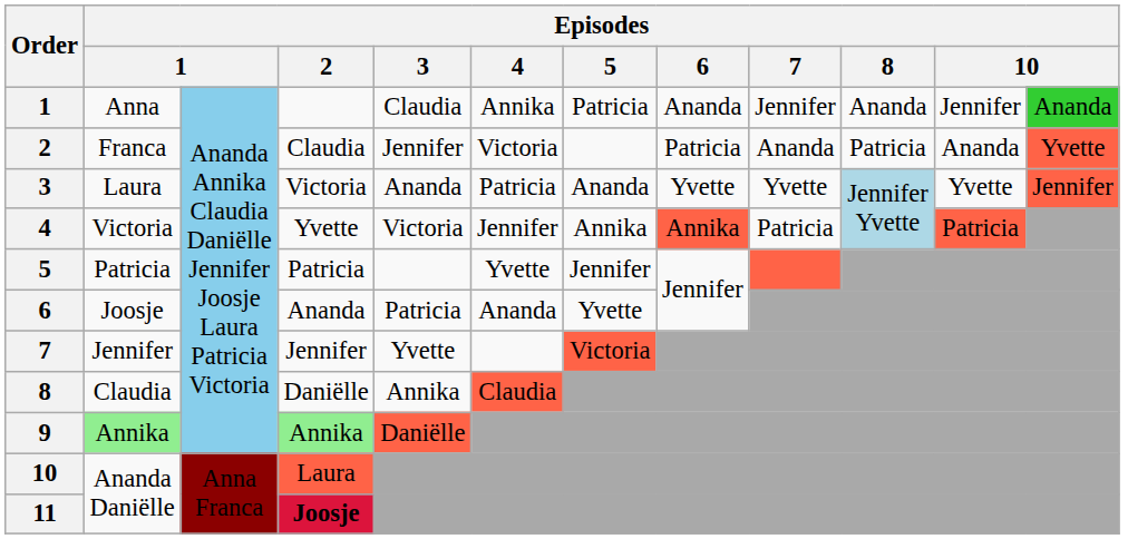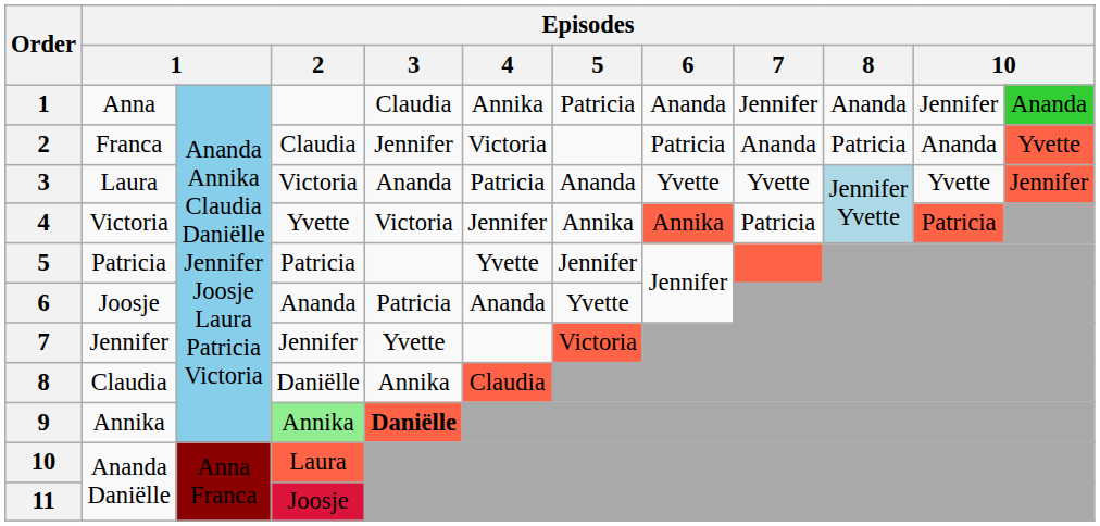 <table class="wikitable" style="text-align:center; font-size:92%">
 <tr>
 <th rowspan=2>Order</th>
 <th colspan="11">Episodes</th>
 </tr>
 <tr>
 <th colspan="2">1</th>
 <th>2</th>
 <th>3</th>
 <th>4</th>
 <th>5</th>
 <th>6</th>
 <th>7</th>
 <th>8</th>
 <th colspan=2>10</th>
 </tr>
 <tr>
 <th>1</th>
 <td>Anna</td>
 <td rowspan="9" style="background:skyblue;">Ananda <br> Annika <br> Claudia <br> Daniëlle <br>Jennifer <br> Joosje <br>Laura<br>Patricia <br>Victoria</td>
 <td></td>
 <td>Claudia</td>
 <td>Annika</td>
 <td>Patricia</td>
 <td>Ananda</td>
 <td>Jennifer</td>
 <td>Ananda</td>
 <td>Jennifer</td>
 <td style="background:limegreen;">Ananda</td>
 </tr>
 <tr>
 <th>2</th>
 <td>Franca</td>
 <td>Claudia</td>
 <td>Jennifer</td>
 <td>Victoria</td>
 <td></td>
 <td>Patricia</td>
 <td>Ananda</td>
 <td>Patricia</td>
 <td>Ananda</td>
 <td style="background:tomato">Yvette</td>
 </tr>
 <tr>
 <th>3</th>
 <td>Laura</td>
 <td>Victoria</td>
 <td>Ananda</td>
 <td>Patricia</td>
 <td>Ananda</td>
 <td>Yvette</td>
 <td>Yvette</td>
 <td rowspan="2" style="background:lightblue">Jennifer<br>Yvette</td>
 <td>Yvette</td>
 <td style="background:tomato">Jennifer</td>
 </tr>
 <tr>
 <th>4</th>
 <td>Victoria</td>
 <td>Yvette</td>
 <td>Victoria</td>
 <td>Jennifer</td>
 <td>Annika</td>
 <td style="background:tomato">Annika</td>
 <td>Patricia</td>
 <td style="background:tomato">Patricia</td>
 <td bgcolor="darkgray" colspan=1></td>
 </tr>
 <tr>
 <th>5</th>
 <td>Patricia</td>
 <td>Patricia</td>
 <td></td>
 <td>Yvette</td>
 <td>Jennifer</td>
 <td rowspan="2">Jennifer<br></td>
 <td style="background:tomato;"></td>
 <td bgcolor="darkgray" colspan=3></td>
 </tr>
 <tr>
 <th>6</th>
 <td>Joosje</td>
 <td>Ananda</td>
 <td>Patricia</td>
 <td>Ananda</td>
 <td>Yvette</td>
 <td bgcolor="darkgray" colspan=4></td>
 </tr>
 <tr>
 <th>7</th>
 <td>Jennifer</td>
 <td>Jennifer</td>
 <td>Yvette</td>
 <td></td>
 <td style="background:tomato">Victoria</td>
 <td bgcolor="darkgray" colspan=5></td>
 </tr>
 <tr>
 <th>8</th>
 <td>Claudia</td>
 <td>Daniëlle</td>
 <td>Annika</td>
 <td style="background:tomato">Claudia</td>
 <td bgcolor="darkgray" colspan=6></td>
 </tr>
 <tr>
 <th>9</th>
+<td>Annika</td>
 <td style="background: lightgreen;">Annika</td>
-<td style="background: lightgreen;">Annika</td>
-<td style="background:tomato">Daniëlle</td>
+<td style="background:tomato"><strong>Daniëlle</strong></td>
 <td bgcolor="darkgray" colspan=7></td>
 </tr>
 <tr>
 <th>10</th>
 <td rowspan="2">Ananda<br>Daniëlle</td>
 <td width="50" rowspan="2" style="background:darkred"><span>Anna<br>Franca</span></td>
 <td style="background:tomato">Laura</td>
 <td bgcolor="darkgray" colspan=8></td>
 </tr>
 <tr>
 <th>11</th>
-<td style="background:crimson"><strong><span>Joosje</span></strong></td>
+<td style="background:crimson"><span>Joosje</span></td>
 <td bgcolor="darkgray" colspan=8></td>
 </tr>
 </table>
